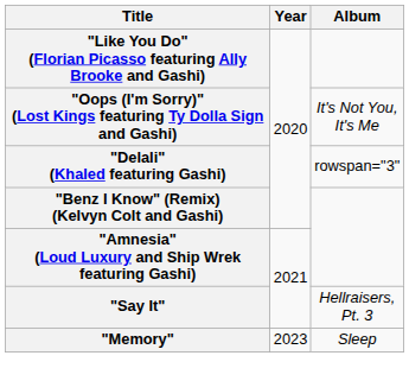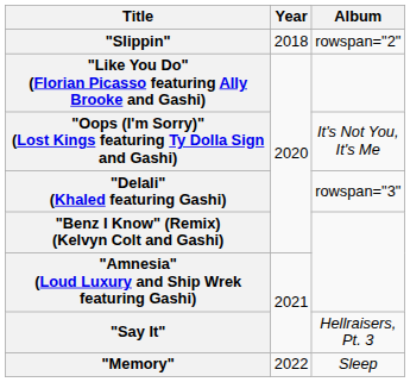 <table class="wikitable plainrowheaders" style="text-align:center;">
 <tr>
 <th scope="col" style="width:17em;">Title</th>
 <th scope="col" style="width:2em;">Year</th>
 <th scope="col" style="width:5em;">Album</th>
+</tr>
+<tr>
+<th scope="row">"Slippin" <br></th>
+<td>2018</td>
+<td>rowspan="2" </td>
 </tr>
 <tr>
 <th scope="row">"Like You Do"<br><span>(<a href='#'>Florian Picasso</a> featuring <a href='#'>Ally Brooke</a> and Gashi)</span></th>
 <td rowspan="4">2020</td>
 </tr>
 <tr>
 <th scope="row">"Oops (I'm Sorry)" <br><span>(<a href='#'>Lost Kings</a> featuring <a href='#'>Ty Dolla Sign</a> and Gashi)</span></th>
 <td><em>It's Not You, It's Me</em></td>
 </tr>
 <tr>
 <th scope="row">"Delali"<br><span>(<a href='#'>Khaled</a> featuring Gashi)</span></th>
 <td>rowspan="3" </td>
 </tr>
 <tr>
 <th scope="row">"Benz I Know" (Remix)<br><span>(Kelvyn Colt and Gashi)</span></th>
 </tr>
 <tr>
 <th scope="row">"Amnesia" <br><span>(<a href='#'>Loud Luxury</a> and Ship Wrek featuring Gashi)</span></th>
 <td rowspan="2">2021</td>
 </tr>
 <tr>
 <th scope="row">"Say It"<br></th>
 <td><em>Hellraisers, Pt. 3</em></td>
 </tr>
 <tr>
 <th scope="row">"Memory"<br></th>
-<td>2023</td>
+<td>2022</td>
 <td><em>Sleep</em></td>
 </tr>
 </table>
